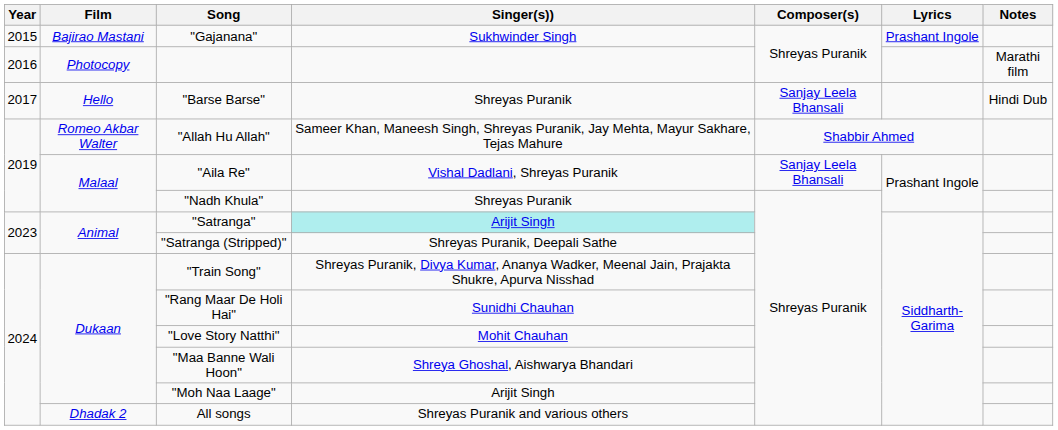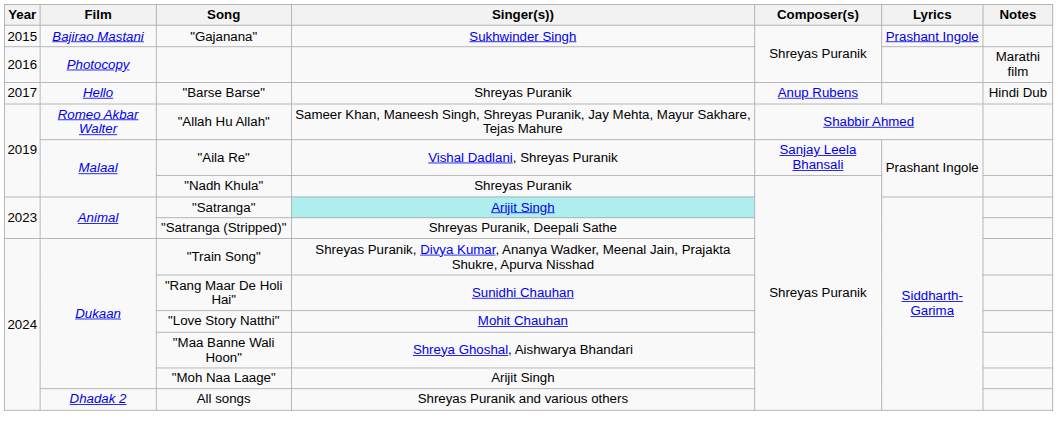 <table class="wikitable" style="width: 100%; text-align: center;">
 <tr style="background:#ccc; text-align:center;">
 <th>Year</th>
 <th>Film</th>
 <th>Song</th>
 <th>Singer(s))</th>
 <th>Composer(s)</th>
 <th>Lyrics</th>
 <th>Notes</th>
 </tr>
 <tr>
 <td>2015</td>
 <td><em><a href='#'>Bajirao Mastani</a></em></td>
 <td>"Gajanana"</td>
 <td><a href='#'>Sukhwinder Singh</a></td>
 <td rowspan=2>Shreyas Puranik</td>
 <td><a href='#'>Prashant Ingole</a></td>
 <td></td>
 </tr>
 <tr>
 <td>2016</td>
 <td><em><a href='#'>Photocopy</a></em></td>
 <td></td>
 <td></td>
 <td></td>
 <td>Marathi film</td>
 </tr>
 <tr>
 <td>2017</td>
 <td><em><a href='#'>Hello</a></em></td>
 <td>"Barse Barse"</td>
 <td>Shreyas Puranik</td>
-<td><a href='#'>Sanjay Leela Bhansali</a></td>
+<td><a href='#'>Anup Rubens</a></td>
 <td></td>
 <td>Hindi Dub</td>
 </tr>
 <tr>
 <td rowspan=3>2019</td>
 <td><em><a href='#'>Romeo Akbar Walter</a></em></td>
 <td>"Allah Hu Allah"</td>
 <td>Sameer Khan, Maneesh Singh, Shreyas Puranik, Jay Mehta, Mayur Sakhare, Tejas Mahure</td>
 <td colspan=2><a href='#'>Shabbir Ahmed</a></td>
 <td></td>
 </tr>
 <tr>
 <td rowspan=2><em><a href='#'>Malaal</a></em></td>
 <td>"Aila Re"</td>
 <td><a href='#'>Vishal Dadlani</a>, Shreyas Puranik</td>
 <td><a href='#'>Sanjay Leela Bhansali</a></td>
 <td rowspan=2>Prashant Ingole</td>
 <td></td>
 </tr>
 <tr>
 <td>"Nadh Khula"</td>
 <td>Shreyas Puranik</td>
 <td rowspan=9>Shreyas Puranik</td>
 <td></td>
 </tr>
 <tr>
 <td rowspan=2>2023</td>
 <td rowspan=2><em><a href='#'>Animal</a></em></td>
 <td>"Satranga"</td>
 <td style="background: paleturquoise;"><a href='#'>Arijit Singh</a></td>
 <td rowspan=8><a href='#'>Siddharth-Garima</a></td>
 <td></td>
 </tr>
 <tr>
 <td>"Satranga (Stripped)"</td>
 <td>Shreyas Puranik, Deepali Sathe</td>
 <td></td>
 </tr>
 <tr>
 <td rowspan=6>2024</td>
 <td rowspan=5><em><a href='#'>Dukaan</a></em></td>
 <td>"Train Song"</td>
 <td>Shreyas Puranik, <a href='#'>Divya Kumar</a>, Ananya Wadker, Meenal Jain, Prajakta Shukre, Apurva Nisshad</td>
 <td></td>
 </tr>
 <tr>
 <td>"Rang Maar De Holi Hai"</td>
 <td><a href='#'>Sunidhi Chauhan</a></td>
 <td></td>
 </tr>
 <tr>
 <td>"Love Story Natthi"</td>
 <td><a href='#'>Mohit Chauhan</a></td>
 <td></td>
 </tr>
 <tr>
 <td>"Maa Banne Wali Hoon"</td>
 <td><a href='#'>Shreya Ghoshal</a>, Aishwarya Bhandari</td>
 <td></td>
 </tr>
 <tr>
 <td>"Moh Naa Laage"</td>
 <td>Arijit Singh</td>
 <td></td>
 </tr>
 <tr>
 <td><em><a href='#'>Dhadak 2</a></em> </td>
 <td>All songs</td>
 <td>Shreyas Puranik and various others</td>
 <td></td>
 </tr>
 </table>
